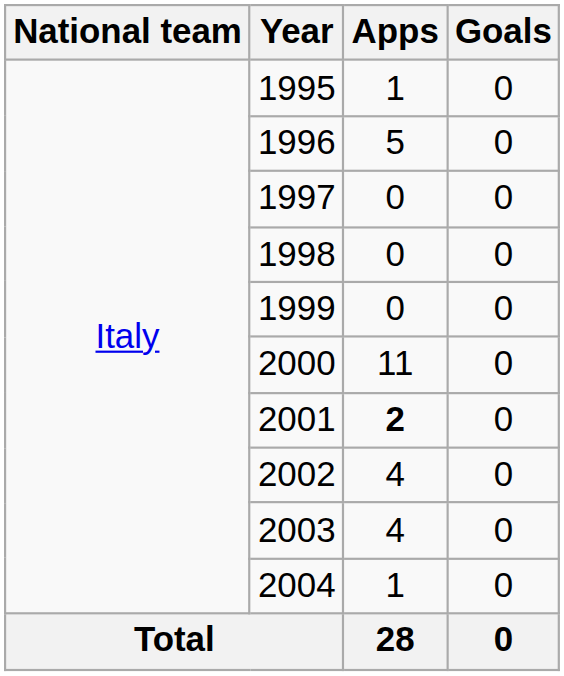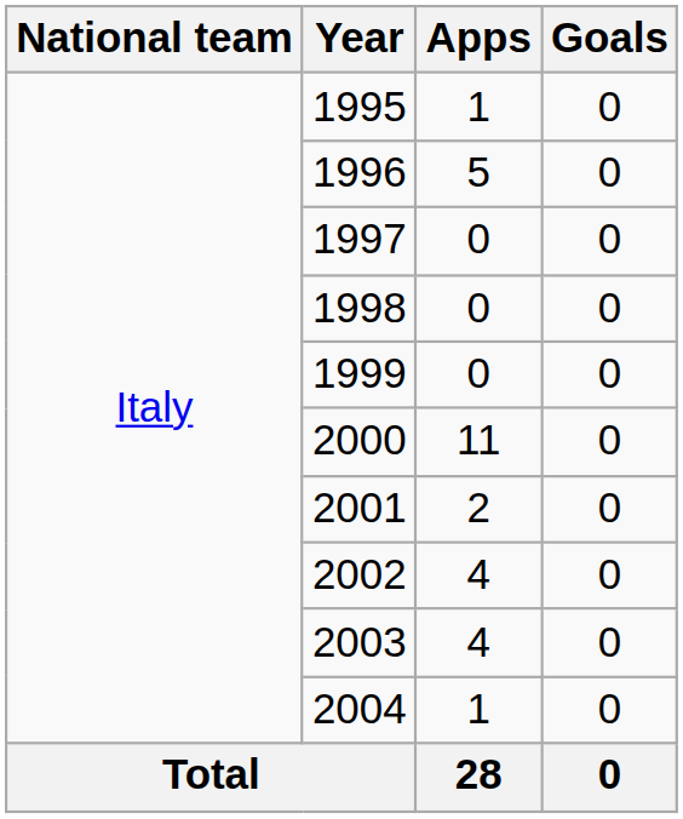 <table class="wikitable" style="text-align:center">
 <tr>
 <th>National team</th>
 <th>Year</th>
 <th>Apps</th>
 <th>Goals</th>
 </tr>
 <tr>
 <td rowspan="10"><a href='#'>Italy</a></td>
 <td>1995</td>
 <td>1</td>
 <td>0</td>
 </tr>
 <tr>
 <td>1996</td>
 <td>5</td>
 <td>0</td>
 </tr>
 <tr>
 <td>1997</td>
 <td>0</td>
 <td>0</td>
 </tr>
 <tr>
 <td>1998</td>
 <td>0</td>
 <td>0</td>
 </tr>
 <tr>
 <td>1999</td>
 <td>0</td>
 <td>0</td>
 </tr>
 <tr>
 <td>2000</td>
 <td>11</td>
 <td>0</td>
 </tr>
 <tr>
 <td>2001</td>
-<td><strong>2</strong></td>
+<td>2</td>
 <td>0</td>
 </tr>
 <tr>
 <td>2002</td>
 <td>4</td>
 <td>0</td>
 </tr>
 <tr>
 <td>2003</td>
 <td>4</td>
 <td>0</td>
 </tr>
 <tr>
 <td>2004</td>
 <td>1</td>
 <td>0</td>
 </tr>
 <tr>
 <th colspan="2">Total</th>
 <th>28</th>
 <th>0</th>
 </tr>
 </table>
